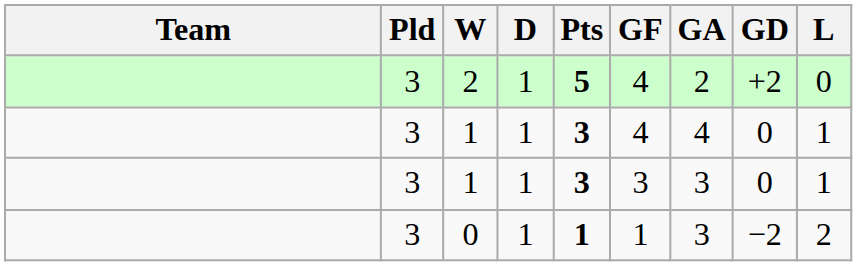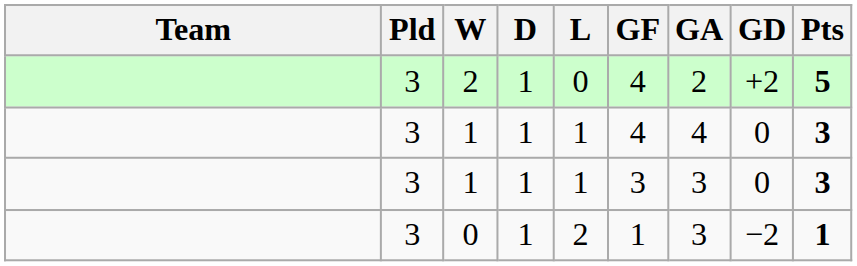 <table class="wikitable" style="text-align:center;">
 <tr>
 <th width=180>Team</th>
 <th width=20>Pld</th>
 <th width=20>W</th>
 <th width=20>D</th>
-<th width=20>Pts</th>
+<th width=20>L</th>
 <th width=20>GF</th>
 <th width=20>GA</th>
 <th width=20>GD</th>
-<th width=20>L</th>
+<th width=20>Pts</th>
 </tr>
 <tr bgcolor="ccffcc">
 <td align="left"></td>
 <td>3</td>
 <td>2</td>
 <td>1</td>
-<td><strong>5</strong></td>
+<td>0</td>
 <td>4</td>
 <td>2</td>
 <td>+2</td>
-<td>0</td>
+<td><strong>5</strong></td>
 </tr>
 <tr>
 <td align="left"></td>
 <td>3</td>
 <td>1</td>
 <td>1</td>
-<td><strong>3</strong></td>
+<td>1</td>
 <td>4</td>
 <td>4</td>
 <td>0</td>
-<td>1</td>
+<td><strong>3</strong></td>
 </tr>
 <tr>
 <td align="left"></td>
 <td>3</td>
 <td>1</td>
 <td>1</td>
-<td><strong>3</strong></td>
+<td>1</td>
 <td>3</td>
 <td>3</td>
 <td>0</td>
-<td>1</td>
+<td><strong>3</strong></td>
 </tr>
 <tr>
 <td align="left"></td>
 <td>3</td>
 <td>0</td>
 <td>1</td>
-<td><strong>1</strong></td>
+<td>2</td>
 <td>1</td>
 <td>3</td>
 <td>−2</td>
-<td>2</td>
+<td><strong>1</strong></td>
 </tr>
 </table>
